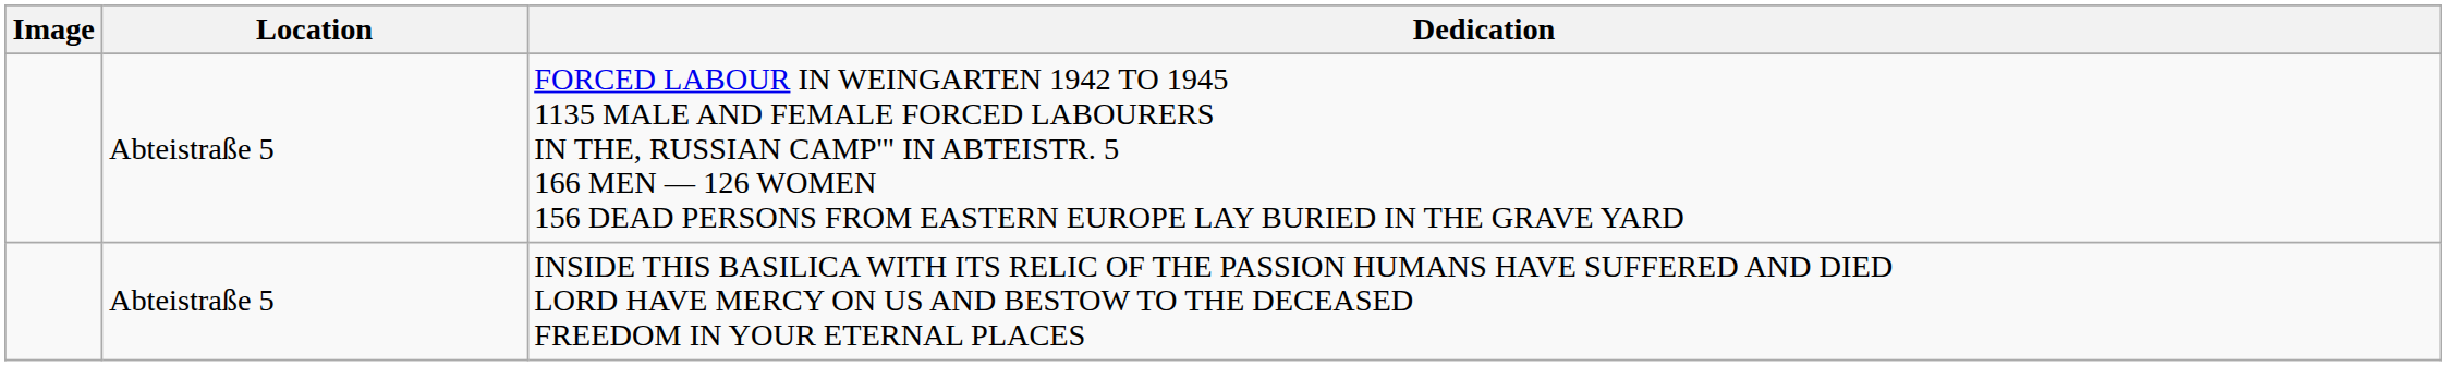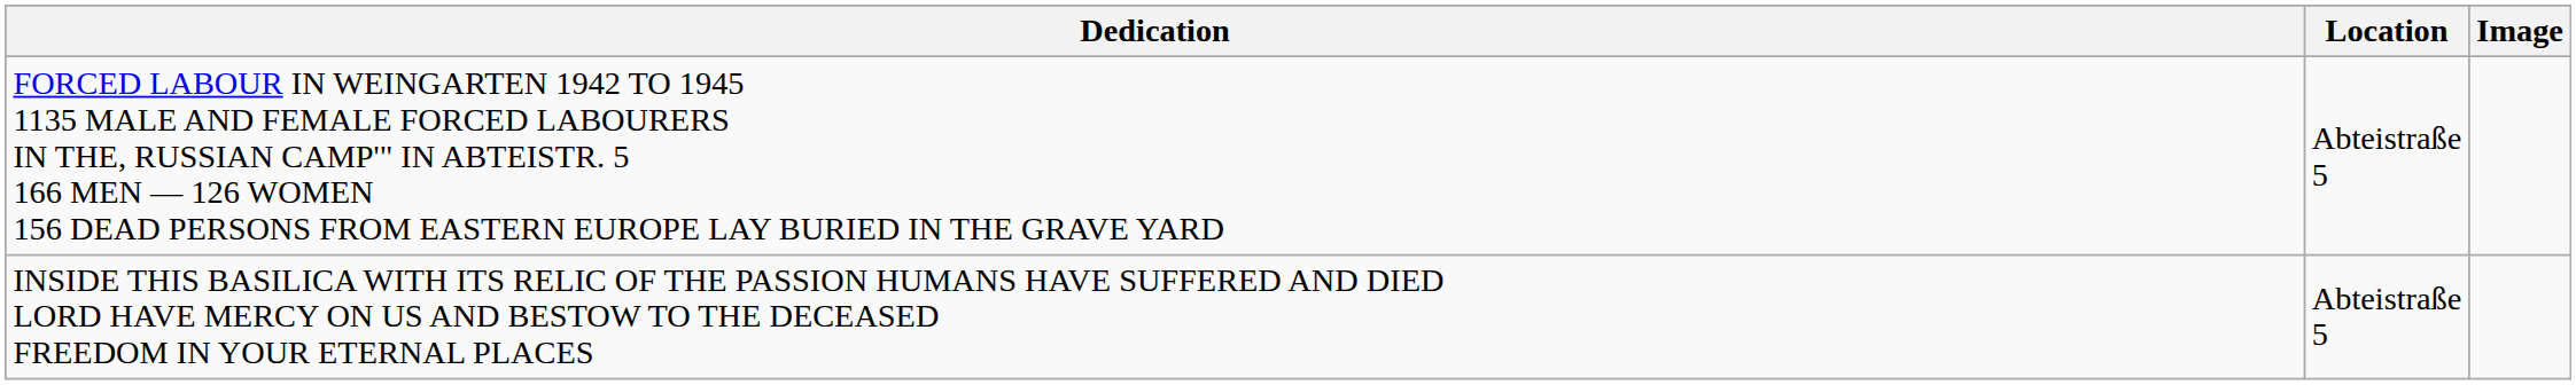 <table class="wikitable sortable toptextcells" style="width:100%">
 <tr>
+<th class="hintergrundfarbe5 unsortable" style="width:100%;">Dedication</th>
+<th class="hintergrundfarbe5" data-sort-type="text" style ="width:18%;">Location</th>
 <th class="hintergrundfarbe5 unsortable" width="380px">Image</th>
-<th class="hintergrundfarbe5" data-sort-type="text" style ="width:18%;">Location</th>
-<th class="hintergrundfarbe5 unsortable" style="width:100%;">Dedication</th>
 </tr>
 <tr>
+<td><div><a href='#'>FORCED LABOUR</a> IN WEINGARTEN 1942 TO 1945<br>1135 MALE AND FEMALE FORCED LABOURERS<br>IN THE, RUSSIAN CAMP'" IN ABTEISTR. 5<br>166 MEN — 126 WOMEN<br>156 DEAD PERSONS FROM EASTERN EUROPE LAY BURIED IN THE GRAVE YARD</div></td>
+<td>Abteistraße 5<br></td>
 <td></td>
-<td>Abteistraße 5<br></td>
-<td><div><a href='#'>FORCED LABOUR</a> IN WEINGARTEN 1942 TO 1945<br>1135 MALE AND FEMALE FORCED LABOURERS<br>IN THE, RUSSIAN CAMP'" IN ABTEISTR. 5<br>166 MEN — 126 WOMEN<br>156 DEAD PERSONS FROM EASTERN EUROPE LAY BURIED IN THE GRAVE YARD</div></td>
 </tr>
 <tr>
+<td><div>INSIDE THIS BASILICA WITH ITS RELIC OF THE PASSION HUMANS HAVE SUFFERED AND DIED<br>LORD HAVE MERCY ON US AND BESTOW TO THE DECEASED<br>FREEDOM IN YOUR ETERNAL PLACES</div></td>
+<td>Abteistraße 5<br></td>
 <td></td>
-<td>Abteistraße 5<br></td>
-<td><div>INSIDE THIS BASILICA WITH ITS RELIC OF THE PASSION HUMANS HAVE SUFFERED AND DIED<br>LORD HAVE MERCY ON US AND BESTOW TO THE DECEASED<br>FREEDOM IN YOUR ETERNAL PLACES</div></td>
 </tr>
 </table>
